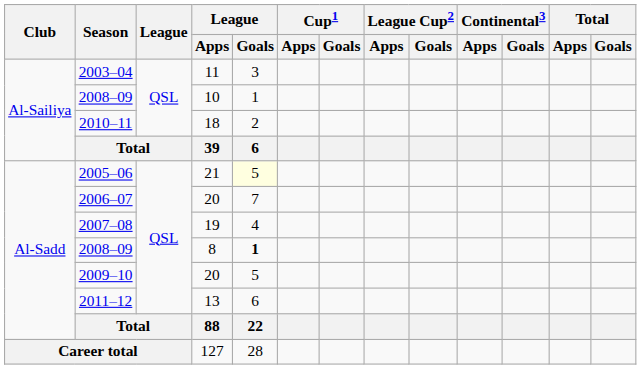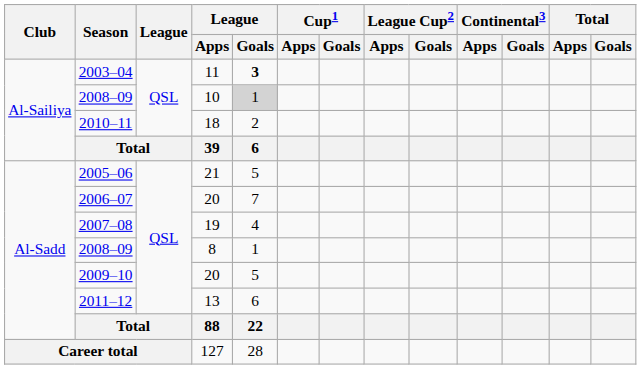 <table class="wikitable" style="font-size:90%; text-align:center;">
 <tr>
 <th rowspan="2">Club</th>
 <th rowspan="2">Season</th>
 <th rowspan="2">League</th>
 <th colspan="2">League</th>
 <th colspan="2">Cup<sup><a href='#'>1</a></sup></th>
 <th colspan="2">League Cup<sup><a href='#'>2</a></sup></th>
 <th colspan="2">Continental<sup><a href='#'>3</a></sup></th>
 <th colspan="2">Total</th>
 </tr>
 <tr>
 <th>Apps</th>
 <th>Goals</th>
 <th>Apps</th>
 <th>Goals</th>
 <th>Apps</th>
 <th>Goals</th>
 <th>Apps</th>
 <th>Goals</th>
 <th>Apps</th>
 <th>Goals</th>
 </tr>
 <tr>
 <td rowspan="4"><a href='#'>Al-Sailiya</a></td>
 <td><a href='#'>2003–04</a></td>
 <td rowspan="3" valign="center"><a href='#'>QSL</a></td>
 <td>11</td>
-<td>3</td>
+<td><strong>3</strong></td>
 <td></td>
 <td></td>
 <td></td>
 <td></td>
 <td></td>
 <td></td>
 <td></td>
 <td></td>
 </tr>
 <tr>
 <td><a href='#'>2008–09</a></td>
 <td>10</td>
-<td>1</td>
+<td style="background: lightgrey;">1</td>
 <td></td>
 <td></td>
 <td></td>
 <td></td>
 <td></td>
 <td></td>
 <td></td>
 <td></td>
 </tr>
 <tr>
 <td><a href='#'>2010–11</a></td>
 <td>18</td>
 <td>2</td>
 <td></td>
 <td></td>
 <td></td>
 <td></td>
 <td></td>
 <td></td>
 <td></td>
 <td></td>
 </tr>
 <tr>
 <th colspan="2">Total</th>
 <th>39</th>
 <th>6</th>
 <th></th>
 <th></th>
 <th></th>
 <th></th>
 <th></th>
 <th></th>
 <th></th>
 <th></th>
 </tr>
 <tr>
 <td rowspan="7"><a href='#'>Al-Sadd</a></td>
 <td><a href='#'>2005–06</a></td>
 <td rowspan="6" valign="center"><a href='#'>QSL</a></td>
 <td>21</td>
-<td style="background: lightyellow;">5</td>
+<td>5</td>
 <td></td>
 <td></td>
 <td></td>
 <td></td>
 <td></td>
 <td></td>
 <td></td>
 <td></td>
 </tr>
 <tr>
 <td><a href='#'>2006–07</a></td>
 <td>20</td>
 <td>7</td>
 <td></td>
 <td></td>
 <td></td>
 <td></td>
 <td></td>
 <td></td>
 <td></td>
 <td></td>
 </tr>
 <tr>
 <td><a href='#'>2007–08</a></td>
 <td>19</td>
 <td>4</td>
 <td></td>
 <td></td>
 <td></td>
 <td></td>
 <td></td>
 <td></td>
 <td></td>
 <td></td>
 </tr>
 <tr>
 <td><a href='#'>2008–09</a></td>
 <td>8</td>
-<td><strong>1</strong></td>
+<td>1</td>
 <td></td>
 <td></td>
 <td></td>
 <td></td>
 <td></td>
 <td></td>
 <td></td>
 <td></td>
 </tr>
 <tr>
 <td><a href='#'>2009–10</a></td>
 <td>20</td>
 <td>5</td>
 <td></td>
 <td></td>
 <td></td>
 <td></td>
 <td></td>
 <td></td>
 <td></td>
 <td></td>
 </tr>
 <tr>
 <td><a href='#'>2011–12</a></td>
 <td>13</td>
 <td>6</td>
 <td></td>
 <td></td>
 <td></td>
 <td></td>
 <td></td>
 <td></td>
 <td></td>
 <td></td>
 </tr>
 <tr>
 <th colspan="2">Total</th>
 <th>88</th>
 <th>22</th>
 <th></th>
 <th></th>
 <th></th>
 <th></th>
 <th></th>
 <th></th>
 <th></th>
 <th></th>
 </tr>
 <tr>
 <th colspan="3">Career total</th>
 <td>127</td>
 <td>28</td>
 <td></td>
 <td></td>
 <td></td>
 <td></td>
 <td></td>
 <td></td>
 <td></td>
 <td></td>
 </tr>
 </table>
